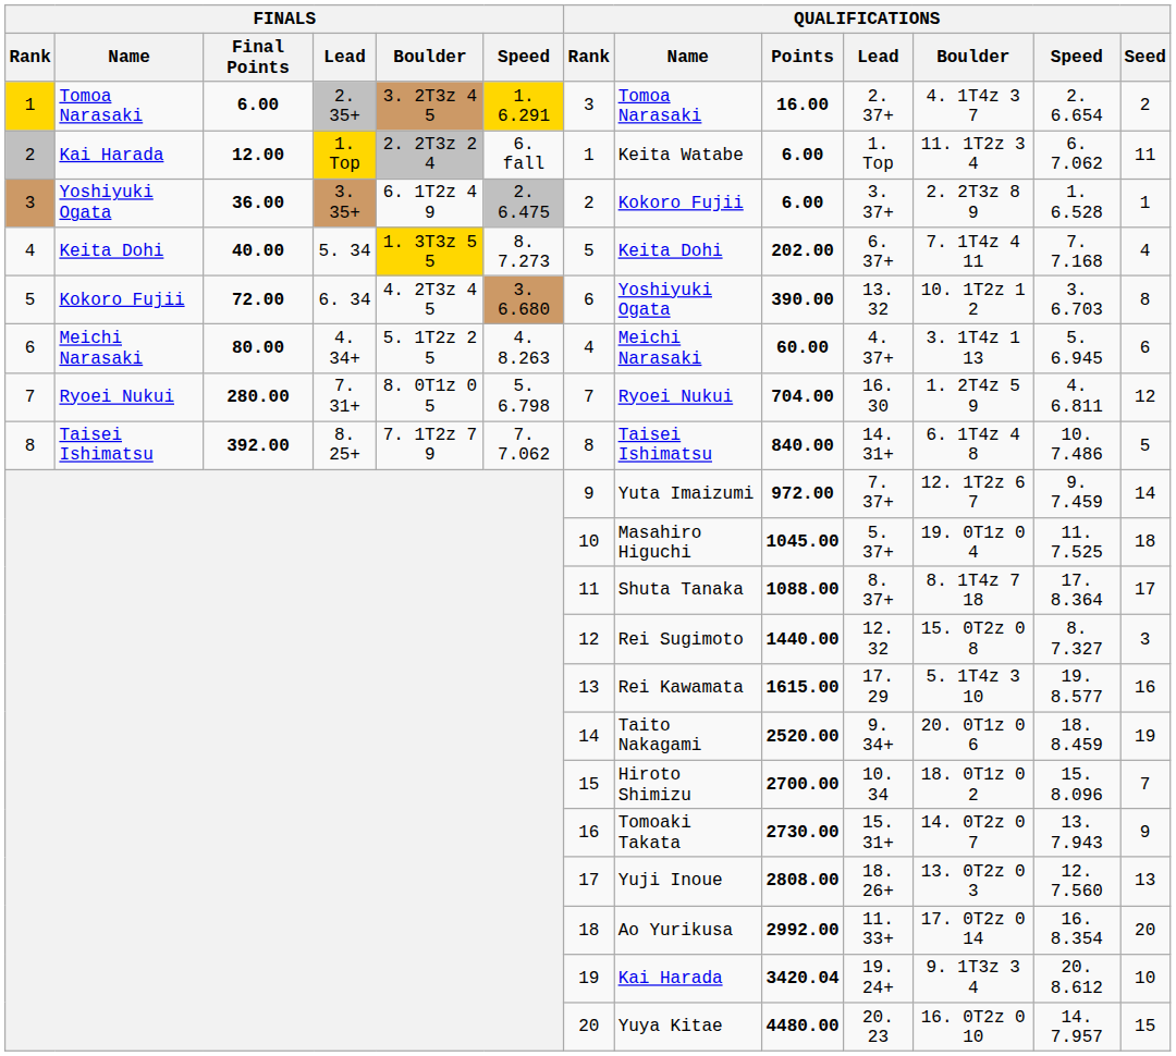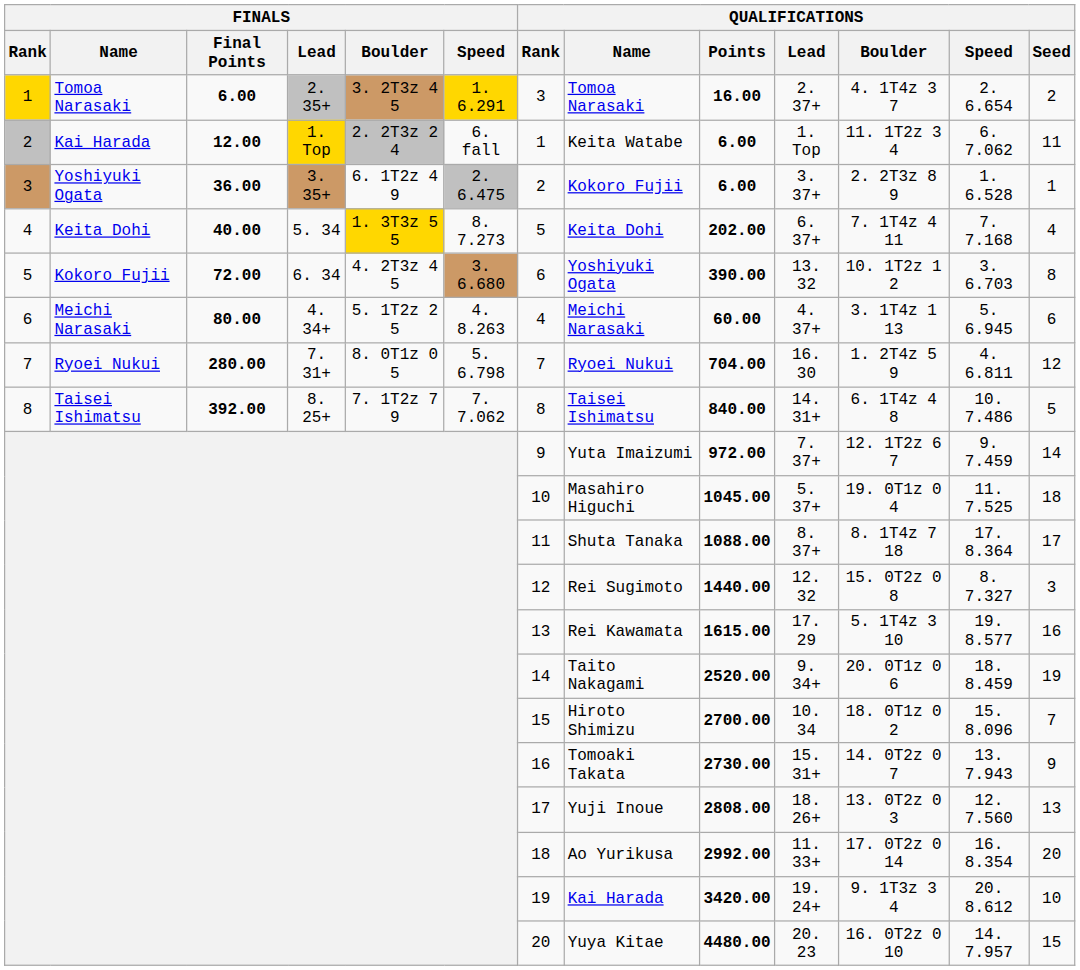 <table class="wikitable sortable" style="text-align:center">
 <tr>
 <th colspan="6">FINALS</th>
 <th colspan="7">QUALIFICATIONS</th>
 </tr>
 <tr>
 <th>Rank</th>
 <th>Name</th>
 <th>Final Points</th>
 <th>Lead</th>
 <th>Boulder</th>
 <th>Speed</th>
 <th>Rank</th>
 <th>Name</th>
 <th>Points</th>
 <th data-sort-type="number">Lead</th>
 <th data-sort-type="number">Boulder</th>
 <th data-sort-type="number">Speed</th>
 <th>Seed</th>
 </tr>
 <tr>
 <td style="background: gold;">1</td>
 <td align="left"><a href='#'>Tomoa Narasaki</a></td>
 <td><strong>6.00</strong></td>
 <td style="background: silver;">2. 35+</td>
 <td style="background: #cc9966;">3. 2T3z 4 5</td>
 <td style="background: gold;">1. 6.291</td>
 <td>3</td>
 <td align="left"><a href='#'>Tomoa Narasaki</a></td>
 <td><strong>16.00</strong></td>
 <td>2. 37+</td>
 <td>4. 1T4z 3 7</td>
 <td>2. 6.654</td>
 <td>2</td>
 </tr>
 <tr>
 <td style="background: silver;">2</td>
 <td align="left"><a href='#'>Kai Harada</a></td>
 <td><strong>12.00</strong></td>
 <td style="background: gold;">1. Top</td>
 <td style="background: silver;">2. 2T3z 2 4</td>
 <td>6. fall</td>
 <td>1</td>
 <td align="left">Keita Watabe</td>
 <td><strong>6.00</strong></td>
 <td>1. Top</td>
 <td>11. 1T2z 3 4</td>
 <td>6. 7.062</td>
 <td>11</td>
 </tr>
 <tr>
 <td style="background: #cc9966;">3</td>
 <td align="left"><a href='#'>Yoshiyuki Ogata</a></td>
 <td><strong>36.00</strong></td>
 <td style="background: #cc9966;">3. 35+</td>
 <td>6. 1T2z 4 9</td>
 <td style="background: silver;">2. 6.475</td>
 <td>2</td>
 <td align="left"><a href='#'>Kokoro Fujii</a></td>
 <td><strong>6.00</strong></td>
 <td>3. 37+</td>
 <td>2. 2T3z 8 9</td>
 <td>1. 6.528</td>
 <td>1</td>
 </tr>
 <tr>
 <td>4</td>
 <td align="left"><a href='#'>Keita Dohi</a></td>
 <td><strong>40.00</strong></td>
 <td>5. 34</td>
 <td style="background: gold;">1. 3T3z 5 5</td>
 <td>8. 7.273</td>
 <td>5</td>
 <td align="left"><a href='#'>Keita Dohi</a></td>
 <td><strong>202.00</strong></td>
 <td>6. 37+</td>
 <td>7. 1T4z 4 11</td>
 <td>7. 7.168</td>
 <td>4</td>
 </tr>
 <tr>
 <td>5</td>
 <td align="left"><a href='#'>Kokoro Fujii</a></td>
 <td><strong>72.00</strong></td>
 <td>6. 34</td>
 <td>4. 2T3z 4 5</td>
 <td style="background: #cc9966;">3. 6.680</td>
 <td>6</td>
 <td align="left"><a href='#'>Yoshiyuki Ogata</a></td>
 <td><strong>390.00</strong></td>
 <td>13. 32</td>
 <td>10. 1T2z 1 2</td>
 <td>3. 6.703</td>
 <td>8</td>
 </tr>
 <tr>
 <td>6</td>
 <td align="left"><a href='#'>Meichi Narasaki</a></td>
 <td><strong>80.00</strong></td>
 <td>4. 34+</td>
 <td>5. 1T2z 2 5</td>
 <td>4. 8.263</td>
 <td>4</td>
 <td align="left"><a href='#'>Meichi Narasaki</a></td>
 <td><strong>60.00</strong></td>
 <td>4. 37+</td>
 <td>3. 1T4z 1 13</td>
 <td>5. 6.945</td>
 <td>6</td>
 </tr>
 <tr>
 <td>7</td>
 <td align="left"><a href='#'>Ryoei Nukui</a></td>
 <td><strong>280.00</strong></td>
 <td>7. 31+</td>
 <td>8. 0T1z 0 5</td>
 <td>5. 6.798</td>
 <td>7</td>
 <td align="left"><a href='#'>Ryoei Nukui</a></td>
 <td><strong>704.00</strong></td>
 <td>16. 30</td>
 <td>1. 2T4z 5 9</td>
 <td>4. 6.811</td>
 <td>12</td>
 </tr>
 <tr>
 <td>8</td>
 <td align="left"><a href='#'>Taisei Ishimatsu</a></td>
 <td><strong>392.00</strong></td>
 <td>8. 25+</td>
 <td>7. 1T2z 7 9</td>
 <td>7. 7.062</td>
 <td>8</td>
 <td align="left"><a href='#'>Taisei Ishimatsu</a></td>
 <td><strong>840.00</strong></td>
 <td>14. 31+</td>
 <td>6. 1T4z 4 8</td>
 <td>10. 7.486</td>
 <td>5</td>
 </tr>
 <tr>
 <th colspan="6" rowspan="12"></th>
 <td>9</td>
 <td align="left">Yuta Imaizumi</td>
 <td><strong>972.00</strong></td>
 <td>7. 37+</td>
 <td>12. 1T2z 6 7</td>
 <td>9. 7.459</td>
 <td>14</td>
 </tr>
 <tr>
 <td>10</td>
 <td align="left">Masahiro Higuchi</td>
 <td><strong>1045.00</strong></td>
 <td>5. 37+</td>
 <td>19. 0T1z 0 4</td>
 <td>11. 7.525</td>
 <td>18</td>
 </tr>
 <tr>
 <td>11</td>
 <td align="left">Shuta Tanaka</td>
 <td><strong>1088.00</strong></td>
 <td>8. 37+</td>
 <td>8. 1T4z 7 18</td>
 <td>17. 8.364</td>
 <td>17</td>
 </tr>
 <tr>
 <td>12</td>
 <td align="left">Rei Sugimoto</td>
 <td><strong>1440.00</strong></td>
 <td>12. 32</td>
 <td>15. 0T2z 0 8</td>
 <td>8. 7.327</td>
 <td>3</td>
 </tr>
 <tr>
 <td>13</td>
 <td align="left">Rei Kawamata</td>
 <td><strong>1615.00</strong></td>
 <td>17. 29</td>
 <td>5. 1T4z 3 10</td>
 <td>19. 8.577</td>
 <td>16</td>
 </tr>
 <tr>
 <td>14</td>
 <td align="left">Taito Nakagami</td>
 <td><strong>2520.00</strong></td>
 <td>9. 34+</td>
 <td>20. 0T1z 0 6</td>
 <td>18. 8.459</td>
 <td>19</td>
 </tr>
 <tr>
 <td>15</td>
 <td align="left">Hiroto Shimizu</td>
 <td><strong>2700.00</strong></td>
 <td>10. 34</td>
 <td>18. 0T1z 0 2</td>
 <td>15. 8.096</td>
 <td>7</td>
 </tr>
 <tr>
 <td>16</td>
 <td align="left">Tomoaki Takata</td>
 <td><strong>2730.00</strong></td>
 <td>15. 31+</td>
 <td>14. 0T2z 0 7</td>
 <td>13. 7.943</td>
 <td>9</td>
 </tr>
 <tr>
 <td>17</td>
 <td align="left">Yuji Inoue</td>
 <td><strong>2808.00</strong></td>
 <td>18. 26+</td>
 <td>13. 0T2z 0 3</td>
 <td>12. 7.560</td>
 <td>13</td>
 </tr>
 <tr>
 <td>18</td>
 <td align="left">Ao Yurikusa</td>
 <td><strong>2992.00</strong></td>
 <td>11. 33+</td>
 <td>17. 0T2z 0 14</td>
 <td>16. 8.354</td>
 <td>20</td>
 </tr>
 <tr>
 <td>19</td>
 <td align="left"><a href='#'>Kai Harada</a></td>
-<td><strong>3420.04</strong></td>
+<td><strong>3420.00</strong></td>
 <td>19. 24+</td>
 <td>9. 1T3z 3 4</td>
 <td>20. 8.612</td>
 <td>10</td>
 </tr>
 <tr>
 <td>20</td>
 <td align="left">Yuya Kitae</td>
 <td><strong>4480.00</strong></td>
 <td>20. 23</td>
 <td>16. 0T2z 0 10</td>
 <td>14. 7.957</td>
 <td>15</td>
 </tr>
 </table>
